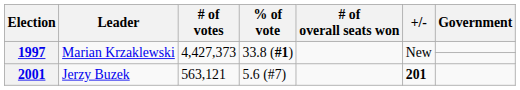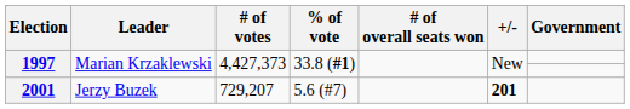 <table class=wikitable>
 <tr>
 <th>Election</th>
 <th>Leader</th>
 <th># of<br>votes</th>
 <th>% of<br>vote</th>
 <th># of<br>overall seats won</th>
 <th>+/-</th>
 <th>Government</th>
 </tr>
 <tr>
 <th rowspan="2"><a href='#'>1997</a></th>
 <td rowspan="2"><a href='#'>Marian Krzaklewski</a></td>
 <td rowspan="2">4,427,373</td>
 <td rowspan="2">33.8 (<strong>#1</strong>)</td>
 <td rowspan="2"></td>
 <td rowspan="2">New</td>
 <td></td>
 </tr>
 <tr>
 <td></td>
 </tr>
 <tr>
 <th><a href='#'>2001</a></th>
 <td><a href='#'>Jerzy Buzek</a></td>
-<td>563,121</td>
+<td>729,207</td>
 <td>5.6 (#7)</td>
 <td></td>
 <td><strong>201</strong></td>
 <td></td>
 </tr>
 </table>
